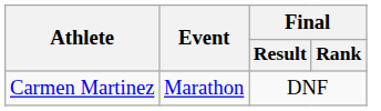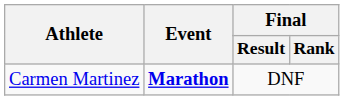 <table class=wikitable style="font-size:90%">
 <tr>
 <th rowspan="2">Athlete</th>
 <th rowspan="2">Event</th>
 <th colspan="2">Final</th>
 </tr>
 <tr style="font-size:95%">
 <th>Result</th>
 <th>Rank</th>
 </tr>
 <tr align=center>
 <td align=left><a href='#'>Carmen Martinez</a></td>
-<td align=left><a href='#'>Marathon</a></td>
+<td align=left><strong><a href='#'>Marathon</a></strong></td>
 <td colspan="2">DNF</td>
 </tr>
 </table>
